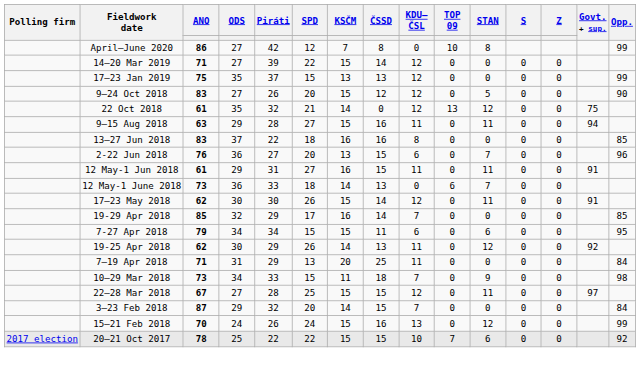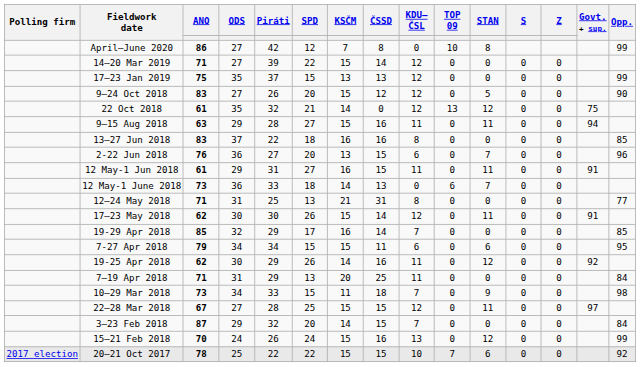 <table class="wikitable sortable mw-datatable" style="text-align:center;font-size:90%;line-height:14px;">
 <tr style="height:40px;">
 <th rowspan="2">Polling firm</th>
 <th rowspan="2">Fieldwork<br>date</th>
 <th class="unsortable" style="width:40px;"><a href='#'>ANO</a></th>
 <th class="unsortable" style="width:40px;"><a href='#'>ODS</a></th>
 <th class="unsortable" style="width:40px;"><a href='#'>Piráti</a></th>
 <th class="unsortable" style="width:40px;"><a href='#'>SPD</a></th>
 <th class="unsortable" style="width:40px;"><a href='#'>KSČM</a></th>
 <th class="unsortable" style="width:40px;"><a href='#'>ČSSD</a></th>
 <th class="unsortable" style="width:40px;"><a href='#'>KDU–<br>ČSL</a></th>
 <th class="unsortable" style="width:40px;"><a href='#'>TOP 09</a></th>
 <th class="unsortable" style="width:40px;"><a href='#'>STAN</a></th>
 <th class="unsortable" style="width:40px;"><a href='#'>S</a></th>
 <th class="unsortable" style="width:40px;"><a href='#'>Z</a></th>
 <th rowspan="2"><a href='#'>Govt.</a><br><small>+ <a href='#'>sup.</a></small></th>
 <th rowspan="2"><a href='#'>Opp.</a></th>
 </tr>
 <tr>
 <th class="unsortable" style="color:inherit;background:"></th>
 <th class="unsortable" style="color:inherit;background:"></th>
 <th class="unsortable" style="color:inherit;background:"></th>
 <th class="unsortable" style="color:inherit;background:"></th>
 <th class="unsortable" style="color:inherit;background:"></th>
 <th class="unsortable" style="color:inherit;background:"></th>
 <th class="unsortable" style="color:inherit;background:"></th>
 <th class="unsortable" style="color:inherit;background:"></th>
 <th class="unsortable" style="color:inherit;background:"></th>
 <th class="unsortable" style="color:inherit;background:"></th>
 <th class="unsortable" style="color:inherit;background:"></th>
 </tr>
 <tr>
 <td></td>
 <td>April–June 2020</td>
 <td><strong>86</strong></td>
 <td>27</td>
 <td>42</td>
 <td>12</td>
 <td>7</td>
 <td>8</td>
 <td>0</td>
 <td>10</td>
 <td>8</td>
 <td></td>
 <td></td>
 <td></td>
 <td>99</td>
 </tr>
 <tr>
 <td></td>
 <td>14–20 Mar 2019</td>
 <td><strong>71</strong></td>
 <td>27</td>
 <td>39</td>
 <td>22</td>
 <td>15</td>
 <td>14</td>
 <td>12</td>
 <td>0</td>
 <td>0</td>
 <td>0</td>
 <td>0</td>
 <td></td>
 <td></td>
 </tr>
 <tr>
 <td></td>
 <td>17–23 Jan 2019</td>
 <td><strong>75</strong></td>
 <td>35</td>
 <td>37</td>
 <td>15</td>
 <td>13</td>
 <td>13</td>
 <td>12</td>
 <td>0</td>
 <td>0</td>
 <td>0</td>
 <td>0</td>
 <td></td>
 <td>99</td>
 </tr>
 <tr>
 <td></td>
 <td>9–24 Oct 2018</td>
 <td><strong>83</strong></td>
 <td>27</td>
 <td>26</td>
 <td>20</td>
 <td>15</td>
 <td>12</td>
 <td>12</td>
 <td>0</td>
 <td>5</td>
 <td>0</td>
 <td>0</td>
 <td></td>
 <td>90</td>
 </tr>
 <tr>
 <td></td>
 <td>22 Oct 2018</td>
 <td><strong>61</strong></td>
 <td>35</td>
 <td>32</td>
 <td>21</td>
 <td>14</td>
 <td>0</td>
 <td>12</td>
 <td>13</td>
 <td>12</td>
 <td>0</td>
 <td>0</td>
 <td>75</td>
 <td></td>
 </tr>
 <tr>
 <td></td>
 <td>9–15 Aug 2018</td>
 <td><strong>63</strong></td>
 <td>29</td>
 <td>28</td>
 <td>27</td>
 <td>15</td>
 <td>16</td>
 <td>11</td>
 <td>0</td>
 <td>11</td>
 <td>0</td>
 <td>0</td>
 <td>94</td>
 <td></td>
 </tr>
 <tr>
 <td></td>
 <td data-sort-value="2018-06-27">13–27 Jun 2018</td>
 <td><strong>83</strong></td>
 <td>37</td>
 <td>22</td>
 <td>18</td>
 <td>16</td>
 <td>16</td>
 <td>8</td>
 <td>0</td>
 <td>0</td>
 <td>0</td>
 <td>0</td>
 <td></td>
 <td>85</td>
 </tr>
 <tr>
 <td></td>
 <td data-sort-value="2018-06-10">2-22 Jun 2018</td>
 <td><strong>76</strong></td>
 <td>36</td>
 <td>27</td>
 <td>20</td>
 <td>13</td>
 <td>15</td>
 <td>6</td>
 <td>0</td>
 <td>7</td>
 <td>0</td>
 <td>0</td>
 <td></td>
 <td>96</td>
 </tr>
 <tr>
 <td></td>
 <td data-sort-value="2018-06-01">12 May-1 Jun 2018</td>
 <td><strong>61</strong></td>
 <td>29</td>
 <td>31</td>
 <td>27</td>
 <td>16</td>
 <td>15</td>
 <td>11</td>
 <td>0</td>
 <td>11</td>
 <td>0</td>
 <td>0</td>
 <td>91</td>
 <td></td>
 </tr>
 <tr>
 <td></td>
 <td data-sort-value="2018-06-01">12 May-1 June 2018</td>
 <td><strong>73</strong></td>
 <td>36</td>
 <td>33</td>
 <td>18</td>
 <td>14</td>
 <td>13</td>
 <td>0</td>
 <td>6</td>
 <td>7</td>
 <td>0</td>
 <td>0</td>
 <td></td>
 <td></td>
 </tr>
 <tr>
 <td></td>
+<td data-sort-value="2018-05-24">12–24 May 2018</td>
+<td><strong>71</strong></td>
+<td>31</td>
+<td>25</td>
+<td>13</td>
+<td>21</td>
+<td>31</td>
+<td>8</td>
+<td>0</td>
+<td>0</td>
+<td>0</td>
+<td>0</td>
+<td></td>
+<td>77</td>
+</tr>
+<tr>
+<td></td>
 <td data-sort-value="2018-05-23">17–23 May 2018</td>
 <td><strong>62</strong></td>
 <td>30</td>
 <td>30</td>
 <td>26</td>
 <td>15</td>
 <td>14</td>
 <td>12</td>
 <td>0</td>
 <td>11</td>
 <td>0</td>
 <td>0</td>
 <td>91</td>
 <td></td>
 </tr>
 <tr>
 <td></td>
 <td data-sort-value="2018-04-29">19-29 Apr 2018</td>
 <td><strong>85</strong></td>
 <td>32</td>
 <td>29</td>
 <td>17</td>
 <td>16</td>
 <td>14</td>
 <td>7</td>
 <td>0</td>
 <td>0</td>
 <td>0</td>
 <td>0</td>
 <td></td>
 <td>85</td>
 </tr>
 <tr>
 <td></td>
 <td data-sort-value="2018-04-27">7-27 Apr 2018</td>
 <td><strong>79</strong></td>
 <td>34</td>
 <td>34</td>
 <td>15</td>
 <td>15</td>
 <td>11</td>
 <td>6</td>
 <td>0</td>
 <td>6</td>
 <td>0</td>
 <td>0</td>
 <td></td>
 <td>95</td>
 </tr>
 <tr>
 <td></td>
 <td data-sort-value="2018-04-25">19-25 Apr 2018</td>
 <td><strong>62</strong></td>
 <td>30</td>
 <td>29</td>
 <td>26</td>
 <td>14</td>
-<td>13</td>
+<td>16</td>
 <td>11</td>
 <td>0</td>
 <td>12</td>
 <td>0</td>
 <td>0</td>
 <td>92</td>
 <td></td>
 </tr>
 <tr>
 <td></td>
 <td data-sort-value="2018-04-19">7–19 Apr 2018</td>
 <td><strong>71</strong></td>
 <td>31</td>
 <td>29</td>
 <td>13</td>
 <td>20</td>
 <td>25</td>
 <td>11</td>
 <td>0</td>
 <td>0</td>
 <td>0</td>
 <td>0</td>
 <td></td>
 <td>84</td>
 </tr>
 <tr>
 <td></td>
 <td data-sort-value="2018-03-29">10–29 Mar 2018</td>
 <td><strong>73</strong></td>
 <td>34</td>
 <td>33</td>
 <td>15</td>
 <td>11</td>
 <td>18</td>
 <td>7</td>
 <td>0</td>
 <td>9</td>
 <td>0</td>
 <td>0</td>
 <td></td>
 <td>98</td>
 </tr>
 <tr>
 <td></td>
 <td data-sort-value="2018-03-28">22–28 Mar 2018</td>
 <td><strong>67</strong></td>
 <td>27</td>
 <td>28</td>
 <td>25</td>
 <td>15</td>
 <td>15</td>
 <td>12</td>
 <td>0</td>
 <td>11</td>
 <td>0</td>
 <td>0</td>
 <td>97</td>
 <td></td>
 </tr>
 <tr>
 <td></td>
 <td data-sort-value="2018-02-23">3–23 Feb 2018</td>
 <td><strong>87</strong></td>
 <td>29</td>
 <td>32</td>
 <td>20</td>
 <td>14</td>
 <td>15</td>
 <td>7</td>
 <td>0</td>
 <td>0</td>
 <td>0</td>
 <td>0</td>
 <td></td>
 <td>84</td>
 </tr>
 <tr>
 <td></td>
 <td data-sort-value="2018-02-21">15–21 Feb 2018</td>
 <td><strong>70</strong></td>
 <td>24</td>
 <td>26</td>
 <td>24</td>
 <td>15</td>
 <td>16</td>
 <td>13</td>
 <td>0</td>
 <td>12</td>
 <td>0</td>
 <td>0</td>
 <td></td>
 <td>99</td>
 </tr>
 <tr style="background:#E9E9E9;">
 <td><a href='#'>2017 election</a></td>
 <td data-sort-value="2017-10-21">20–21 Oct 2017</td>
 <td><strong>78</strong></td>
 <td>25</td>
 <td>22</td>
 <td>22</td>
 <td>15</td>
 <td>15</td>
 <td>10</td>
 <td>7</td>
 <td>6</td>
 <td>0</td>
 <td>0</td>
 <td></td>
 <td>92</td>
 </tr>
 </table>
